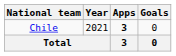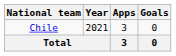 <table class=wikitable style=text-align:center>
 <tr>
 <th>National team</th>
 <th>Year</th>
 <th>Apps</th>
 <th>Goals</th>
 </tr>
 <tr>
 <td rowspan="1"><a href='#'>Chile</a></td>
 <td>2021</td>
-<td><strong>3</strong></td>
+<td>3</td>
 <td>0</td>
 </tr>
 <tr>
 <th colspan="2">Total</th>
 <th>3</th>
 <th>0</th>
 </tr>
 </table>
